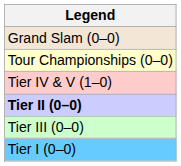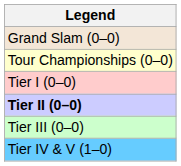 <table class="wikitable sortable mw-collapsible mw-collapsed">
 <tr>
 <th>Legend</th>
 </tr>
 <tr style="background:#f3e6d7;">
 <td>Grand Slam (0–0)</td>
 </tr>
 <tr style="background:#ffc;">
 <td>Tour Championships (0–0)</td>
 </tr>
 <tr bgcolor="#FFCCCC">
-<td>Tier IV & V (1–0)</td>
+<td>Tier I (0–0)</td>
 </tr>
 <tr bgcolor="#CCCCFF">
 <td><strong>Tier II (0–0)</strong></td>
 </tr>
 <tr bgcolor="#CCFFCC">
 <td>Tier III (0–0)</td>
 </tr>
 <tr bgcolor="#66CCFF">
-<td>Tier I (0–0)</td>
+<td>Tier IV & V (1–0)</td>
 </tr>
 </table>
